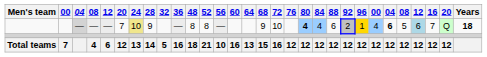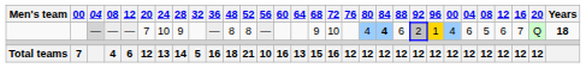 <table class="wikitable" style="text-align: center; font-size: 90%; margin-left: 1em;">
 <tr>
 <th>Men's team</th>
 <th><a href='#'>00</a></th>
 <th><em><a href='#'>04</a></em></th>
 <th><a href='#'>08</a></th>
 <th><a href='#'>12</a></th>
 <th><a href='#'>20</a></th>
 <th><a href='#'>24</a></th>
 <th><a href='#'>28</a></th>
 <th><a href='#'>32</a></th>
 <th><a href='#'>36</a></th>
 <th><a href='#'>48</a></th>
 <th><a href='#'>52</a></th>
 <th><a href='#'>56</a></th>
 <th><a href='#'>60</a></th>
 <th><a href='#'>64</a></th>
 <th><a href='#'>68</a></th>
 <th><a href='#'>72</a></th>
 <th><a href='#'>76</a></th>
 <th><a href='#'>80</a></th>
 <th><a href='#'>84</a></th>
 <th><a href='#'>88</a></th>
 <th><a href='#'>92</a></th>
 <th><a href='#'>96</a></th>
 <th><a href='#'>00</a></th>
 <th><a href='#'>04</a></th>
 <th><a href='#'>08</a></th>
 <th><a href='#'>12</a></th>
 <th><a href='#'>16</a></th>
 <th><a href='#'>20</a></th>
 <th>Years</th>
 </tr>
 <tr>
 <td style="text-align: left;"></td>
 <td></td>
 <td style="background-color: lightgray;">—</td>
 <td style="background-color: #ececec;">—</td>
 <td style="background-color: #ececec;">—</td>
 <td>7</td>
-<td style="background: khaki;">10</td>
+<td>10</td>
 <td>9</td>
 <td></td>
 <td style="background-color: #ececec;">—</td>
 <td>8</td>
 <td>8</td>
 <td style="background-color: #ececec;">—</td>
 <td></td>
 <td></td>
 <td>9</td>
 <td>10</td>
 <td></td>
+<td style="background-color: #9acdff;">4</td>
 <td style="background-color: #9acdff;"><strong>4</strong></td>
-<td style="background-color: #9acdff;">4</td>
 <td>6</td>
 <td style="border: 2px solid blue; background-color: silver;">2</td>
 <td style="background-color: gold;">1</td>
 <td style="background-color: #9acdff;">4</td>
-<td><strong>6</strong></td>
+<td>6</td>
 <td>5</td>
-<td style="background: lightblue;">6</td>
+<td>6</td>
 <td>7</td>
 <td style="background-color: #ccffcc;">Q</td>
 <td><strong>18</strong></td>
 </tr>
 <tr style="background-color: lightgrey;">
 <td colspan="30"></td>
 </tr>
 <tr>
 <th>Total teams</th>
 <th>7</th>
 <th></th>
 <th>4</th>
 <th>6</th>
 <th>12</th>
 <th>13</th>
 <th>14</th>
 <th>5</th>
 <th>16</th>
 <th>18</th>
 <th>21</th>
 <th>10</th>
 <th>16</th>
 <th>13</th>
 <th>15</th>
 <th>16</th>
 <th>12</th>
 <th>12</th>
 <th>12</th>
 <th>12</th>
 <th>12</th>
 <th>12</th>
 <th>12</th>
 <th>12</th>
 <th>12</th>
 <th>12</th>
 <th>12</th>
 <th>12</th>
 <th></th>
 </tr>
 </table>
